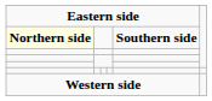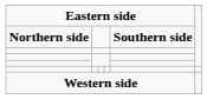 <table class="wikitable" style="margin:1em auto;">
 <tr>
 <td colspan="5" align=center><strong>Eastern side</strong></td>
 </tr>
 <tr ---->
-<td align=center style="background: lightyellow;"><strong>Northern side</strong></td>
+<td align=center><strong>Northern side</strong></td>
 <td colspan="3"></td>
 <td align=center><strong>Southern side</strong></td>
 </tr>
 <tr ---->
 <td align=center></td>
 <td colspan=3 align=center></td>
 <td align=center></td>
 </tr>
 <tr ---->
 <td align=center></td>
 <td colspan="3" rowspan=2 align=center></td>
 <td align=center></td>
 </tr>
 <tr ---->
 <td align=center></td>
 <td align=center></td>
 </tr>
 <tr ---->
 <td align=center></td>
 <td></td>
 <td></td>
 <td></td>
 <td></td>
 <td align=center></td>
 </tr>
 <tr ---->
 <td colspan="5" align=center><strong>Western side</strong></td>
 </tr>
 </table>
